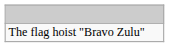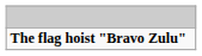 <table class="wikitable" style="float:right; margin-left:1em; width:140px;font-size:8pt;">
 <tr bgcolor="#CCCCCC" align="center">
 <td><br></td>
 </tr>
 <tr>
-<td>The flag hoist "Bravo Zulu"</td>
+<td><strong>The flag hoist "Bravo Zulu"</strong></td>
 </tr>
 </table>
